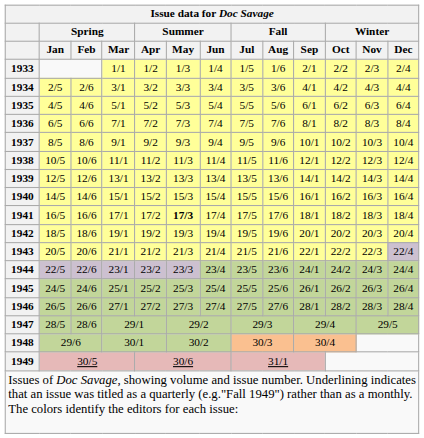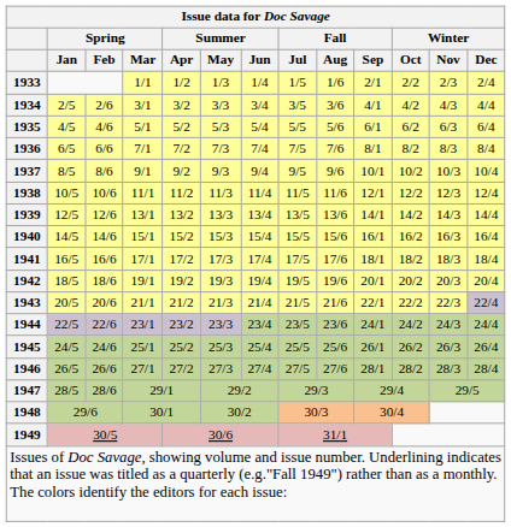 <table class="wikitable collapsible" style="font-size: 8pt; line-height: 9pt; margin-left: 2em; text-align: center; float: right">
 <tr>
 <th colspan="13">Issue data for <em>Doc Savage</em></th>
 </tr>
 <tr>
 <th></th>
 <th colspan="3">Spring</th>
 <th colspan="3">Summer</th>
 <th colspan="3">Fall</th>
 <th colspan="3">Winter</th>
 </tr>
 <tr>
 <th></th>
 <th>Jan</th>
 <th>Feb</th>
 <th>Mar</th>
 <th>Apr</th>
 <th>May</th>
 <th>Jun</th>
 <th>Jul</th>
 <th>Aug</th>
 <th>Sep</th>
 <th>Oct</th>
 <th>Nov</th>
 <th>Dec</th>
 </tr>
 <tr>
 <th>1933</th>
 <td colspan="2"></td>
 <td bgcolor="#ffff99">1/1</td>
 <td bgcolor="#ffff99">1/2</td>
 <td bgcolor="#ffff99">1/3</td>
 <td bgcolor="#ffff99">1/4</td>
 <td bgcolor="#ffff99">1/5</td>
 <td bgcolor="#ffff99">1/6</td>
 <td bgcolor="#ffff99">2/1</td>
 <td bgcolor="#ffff99">2/2</td>
 <td bgcolor="#ffff99">2/3</td>
 <td bgcolor="#ffff99">2/4</td>
 </tr>
 <tr>
 <th>1934</th>
 <td bgcolor="#ffff99">2/5</td>
 <td bgcolor="#ffff99">2/6</td>
 <td bgcolor="#ffff99">3/1</td>
 <td bgcolor="#ffff99">3/2</td>
 <td bgcolor="#ffff99">3/3</td>
 <td bgcolor="#ffff99">3/4</td>
 <td bgcolor="#ffff99">3/5</td>
 <td bgcolor="#ffff99">3/6</td>
 <td bgcolor="#ffff99">4/1</td>
 <td bgcolor="#ffff99">4/2</td>
 <td bgcolor="#ffff99">4/3</td>
 <td bgcolor="#ffff99">4/4</td>
 </tr>
 <tr>
 <th>1935</th>
 <td bgcolor="#ffff99">4/5</td>
 <td bgcolor="#ffff99">4/6</td>
 <td bgcolor="#ffff99">5/1</td>
 <td bgcolor="#ffff99">5/2</td>
 <td bgcolor="#ffff99">5/3</td>
 <td bgcolor="#ffff99">5/4</td>
 <td bgcolor="#ffff99">5/5</td>
 <td bgcolor="#ffff99">5/6</td>
 <td bgcolor="#ffff99">6/1</td>
 <td bgcolor="#ffff99">6/2</td>
 <td bgcolor="#ffff99">6/3</td>
 <td bgcolor="#ffff99">6/4</td>
 </tr>
 <tr>
 <th>1936</th>
 <td bgcolor="#ffff99">6/5</td>
 <td bgcolor="#ffff99">6/6</td>
 <td bgcolor="#ffff99">7/1</td>
 <td bgcolor="#ffff99">7/2</td>
 <td bgcolor="#ffff99">7/3</td>
 <td bgcolor="#ffff99">7/4</td>
 <td bgcolor="#ffff99">7/5</td>
 <td bgcolor="#ffff99">7/6</td>
 <td bgcolor="#ffff99">8/1</td>
 <td bgcolor="#ffff99">8/2</td>
 <td bgcolor="#ffff99">8/3</td>
 <td bgcolor="#ffff99">8/4</td>
 </tr>
 <tr>
 <th>1937</th>
 <td bgcolor="#ffff99">8/5</td>
 <td bgcolor="#ffff99">8/6</td>
 <td bgcolor="#ffff99">9/1</td>
 <td bgcolor="#ffff99">9/2</td>
 <td bgcolor="#ffff99">9/3</td>
 <td bgcolor="#ffff99">9/4</td>
 <td bgcolor="#ffff99">9/5</td>
 <td bgcolor="#ffff99">9/6</td>
 <td bgcolor="#ffff99">10/1</td>
 <td bgcolor="#ffff99">10/2</td>
 <td bgcolor="#ffff99">10/3</td>
 <td bgcolor="#ffff99">10/4</td>
 </tr>
 <tr>
 <th>1938</th>
 <td bgcolor="#ffff99">10/5</td>
 <td bgcolor="#ffff99">10/6</td>
 <td bgcolor="#ffff99">11/1</td>
 <td bgcolor="#ffff99">11/2</td>
 <td bgcolor="#ffff99">11/3</td>
 <td bgcolor="#ffff99">11/4</td>
 <td bgcolor="#ffff99">11/5</td>
 <td bgcolor="#ffff99">11/6</td>
 <td bgcolor="#ffff99">12/1</td>
 <td bgcolor="#ffff99">12/2</td>
 <td bgcolor="#ffff99">12/3</td>
 <td bgcolor="#ffff99">12/4</td>
 </tr>
 <tr>
 <th>1939</th>
 <td bgcolor="#ffff99">12/5</td>
 <td bgcolor="#ffff99">12/6</td>
 <td bgcolor="#ffff99">13/1</td>
 <td bgcolor="#ffff99">13/2</td>
 <td bgcolor="#ffff99">13/3</td>
 <td bgcolor="#ffff99">13/4</td>
 <td bgcolor="#ffff99">13/5</td>
 <td bgcolor="#ffff99">13/6</td>
 <td bgcolor="#ffff99">14/1</td>
 <td bgcolor="#ffff99">14/2</td>
 <td bgcolor="#ffff99">14/3</td>
 <td bgcolor="#ffff99">14/4</td>
 </tr>
 <tr>
 <th>1940</th>
 <td bgcolor="#ffff99">14/5</td>
 <td bgcolor="#ffff99">14/6</td>
 <td bgcolor="#ffff99">15/1</td>
 <td bgcolor="#ffff99">15/2</td>
 <td bgcolor="#ffff99">15/3</td>
 <td bgcolor="#ffff99">15/4</td>
 <td bgcolor="#ffff99">15/5</td>
 <td bgcolor="#ffff99">15/6</td>
 <td bgcolor="#ffff99">16/1</td>
 <td bgcolor="#ffff99">16/2</td>
 <td bgcolor="#ffff99">16/3</td>
 <td bgcolor="#ffff99">16/4</td>
 </tr>
 <tr>
 <th>1941</th>
 <td bgcolor="#ffff99">16/5</td>
 <td bgcolor="#ffff99">16/6</td>
 <td bgcolor="#ffff99">17/1</td>
 <td bgcolor="#ffff99">17/2</td>
-<td bgcolor="#ffff99"><strong>17/3</strong></td>
+<td bgcolor="#ffff99">17/3</td>
 <td bgcolor="#ffff99">17/4</td>
 <td bgcolor="#ffff99">17/5</td>
 <td bgcolor="#ffff99">17/6</td>
 <td bgcolor="#ffff99">18/1</td>
 <td bgcolor="#ffff99">18/2</td>
 <td bgcolor="#ffff99">18/3</td>
 <td bgcolor="#ffff99">18/4</td>
 </tr>
 <tr>
 <th>1942</th>
 <td bgcolor="#ffff99">18/5</td>
 <td bgcolor="#ffff99">18/6</td>
 <td bgcolor="#ffff99">19/1</td>
 <td bgcolor="#ffff99">19/2</td>
 <td bgcolor="#ffff99">19/3</td>
 <td bgcolor="#ffff99">19/4</td>
 <td bgcolor="#ffff99">19/5</td>
 <td bgcolor="#ffff99">19/6</td>
 <td bgcolor="#ffff99">20/1</td>
 <td bgcolor="#ffff99">20/2</td>
 <td bgcolor="#ffff99">20/3</td>
 <td bgcolor="#ffff99">20/4</td>
 </tr>
 <tr>
 <th>1943</th>
 <td bgcolor="#ffff99">20/5</td>
 <td bgcolor="#ffff99">20/6</td>
 <td bgcolor="#ffff99">21/1</td>
 <td bgcolor="#ffff99">21/2</td>
 <td bgcolor="#ffff99">21/3</td>
 <td bgcolor="#ffff99">21/4</td>
 <td bgcolor="#ffff99">21/5</td>
 <td bgcolor="#ffff99">21/6</td>
 <td bgcolor="#ffff99">22/1</td>
 <td bgcolor="#ffff99">22/2</td>
 <td bgcolor="#ffff99">22/3</td>
 <td bgcolor="#ccc0d0">22/4</td>
 </tr>
 <tr>
 <th>1944</th>
 <td bgcolor="#ccc0d0">22/5</td>
 <td bgcolor="#ccc0d0">22/6</td>
 <td bgcolor="#ccc0d0">23/1</td>
 <td bgcolor="#ccc0d0">23/2</td>
 <td bgcolor="#ccc0d0">23/3</td>
 <td bgcolor="#c2d69a">23/4</td>
 <td bgcolor="#c2d69a">23/5</td>
 <td bgcolor="#c2d69a">23/6</td>
 <td bgcolor="#c2d69a">24/1</td>
 <td bgcolor="#c2d69a">24/2</td>
 <td bgcolor="#c2d69a">24/3</td>
 <td bgcolor="#c2d69a">24/4</td>
 </tr>
 <tr>
 <th>1945</th>
 <td bgcolor="#c2d69a">24/5</td>
 <td bgcolor="#c2d69a">24/6</td>
 <td bgcolor="#c2d69a">25/1</td>
 <td bgcolor="#c2d69a">25/2</td>
 <td bgcolor="#c2d69a">25/3</td>
 <td bgcolor="#c2d69a">25/4</td>
 <td bgcolor="#c2d69a">25/5</td>
 <td bgcolor="#c2d69a">25/6</td>
 <td bgcolor="#c2d69a">26/1</td>
 <td bgcolor="#c2d69a">26/2</td>
 <td bgcolor="#c2d69a">26/3</td>
 <td bgcolor="#c2d69a">26/4</td>
 </tr>
 <tr>
 <th>1946</th>
 <td bgcolor="#c2d69a">26/5</td>
 <td bgcolor="#c2d69a">26/6</td>
 <td bgcolor="#c2d69a">27/1</td>
 <td bgcolor="#c2d69a">27/2</td>
 <td bgcolor="#c2d69a">27/3</td>
 <td bgcolor="#c2d69a">27/4</td>
 <td bgcolor="#c2d69a">27/5</td>
 <td bgcolor="#c2d69a">27/6</td>
 <td bgcolor="#c2d69a">28/1</td>
 <td bgcolor="#c2d69a">28/2</td>
 <td bgcolor="#c2d69a">28/3</td>
 <td bgcolor="#c2d69a">28/4</td>
 </tr>
 <tr>
 <th>1947</th>
 <td bgcolor="#c2d69a">28/5</td>
 <td bgcolor="#c2d69a">28/6</td>
 <td colspan="2" bgcolor="#c2d69a">29/1</td>
 <td colspan="2" bgcolor="#c2d69a">29/2</td>
 <td colspan="2" bgcolor="#c2d69a">29/3</td>
 <td colspan="2" bgcolor="#c2d69a">29/4</td>
 <td colspan="2" bgcolor="#c2d69a">29/5</td>
 </tr>
 <tr>
 <th>1948</th>
 <td colspan="2" bgcolor="#c2d69a">29/6</td>
 <td colspan="2" bgcolor="#c2d69a">30/1</td>
 <td colspan="2" bgcolor="#c2d69a">30/2</td>
 <td colspan="2" bgcolor="#fac090 ">30/3</td>
 <td colspan="2" bgcolor="#fac090 ">30/4</td>
 <td colspan="2"></td>
 </tr>
 <tr>
 <th>1949</th>
 <td colspan="3" bgcolor="#e6b9b8"><u>30/5</u></td>
 <td colspan="3" bgcolor="#e6b9b8"><u>30/6</u></td>
 <td colspan="3" bgcolor="#e6b9b8"><u>31/1</u></td>
 <td colspan="3"></td>
 </tr>
 <tr>
 <td colspan="13" style="font-size: 9pt; text-align:left; line-height: 10pt;">Issues of <em>Doc Savage</em>, showing volume and issue number.  Underlining indicates<br>that an issue was titled as a quarterly (e.g."Fall 1949") rather than as a monthly.<br>The colors identify the editors for each issue:<br>   <br></td>
 </tr>
 </table>
